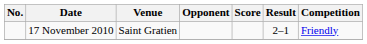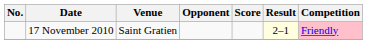 <table class="wikitable sortable">
 <tr>
 <th scope="col">No.</th>
 <th scope="col">Date</th>
 <th scope="col">Venue</th>
 <th scope="col">Opponent</th>
 <th scope="col">Score</th>
 <th scope="col">Result</th>
 <th scope="col">Competition</th>
 </tr>
 <tr>
 <td></td>
 <td>17 November 2010</td>
 <td>Saint Gratien</td>
 <td></td>
 <td></td>
-<td style="text-align:center">2–1</td>
-<td><a href='#'>Friendly</a></td>
+<td style="background: lightyellow; text-align:center">2–1</td>
+<td style="background: pink;"><a href='#'>Friendly</a></td>
 </tr>
 <tr>
 </tr>
 </table>
